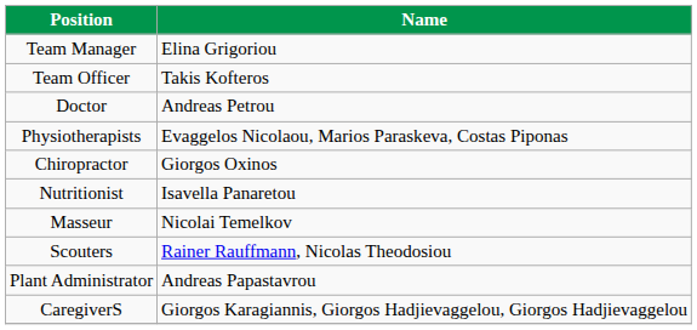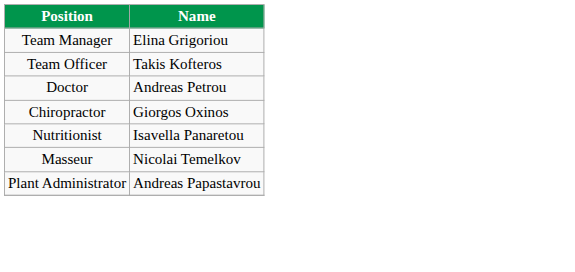 <table class="wikitable plainrowheaders sortable">
 <tr>
 <th style="background:#00954C; color:#FFFFFF; ">Position</th>
 <th style="background:#00954C; color:#FFFFFF; ">Name</th>
 </tr>
 <tr>
 <td align=center>Team Manager</td>
 <td align=left> Elina Grigoriou</td>
 </tr>
 <tr>
 <td align=center>Team Officer</td>
 <td align=left> Takis Kofteros</td>
 </tr>
 <tr>
 <td align=center>Doctor</td>
 <td align=left> Andreas Petrou</td>
 </tr>
 <tr>
-<td align=center>Physiotherapists</td>
-<td align=left> Evaggelos Nicolaou,  Marios Paraskeva,  Costas Piponas</td>
-</tr>
-<tr>
 <td align=center>Chiropractor</td>
 <td align=left> Giorgos Oxinos</td>
 </tr>
 <tr>
 <td align=center>Nutritionist</td>
 <td align=left> Isavella Panaretou</td>
 </tr>
 <tr>
 <td align=center>Masseur</td>
 <td align=left> Nicolai Temelkov</td>
 </tr>
 <tr>
-<td align=center>Scouters</td>
-<td align=left> <a href='#'>Rainer Rauffmann</a>,  Nicolas Theodosiou</td>
-</tr>
-<tr>
 <td align=center>Plant Administrator</td>
 <td align=left> Andreas Papastavrou</td>
 </tr>
 <tr>
-<td align=center>CaregiverS</td>
-<td align=left> Giorgos Karagiannis,  Giorgos Hadjievaggelou,  Giorgos Hadjievaggelou</td>
-</tr>
-<tr>
 </tr>
 </table>
